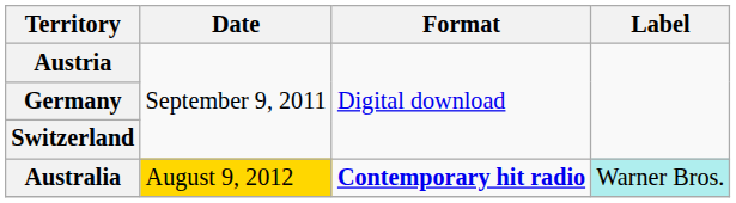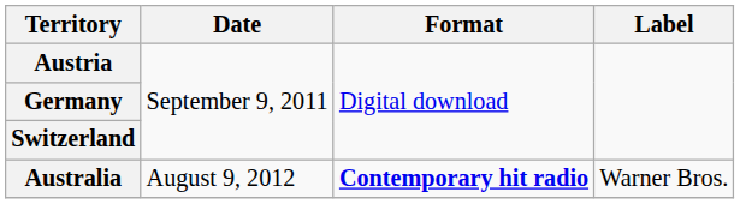 <table class="wikitable plainrowheaders">
 <tr>
 <th scope="col">Territory</th>
 <th scope="col">Date</th>
 <th scope="col">Format</th>
 <th scope="col">Label</th>
 </tr>
 <tr>
 <th scope="row">Austria</th>
 <td rowspan="3">September 9, 2011</td>
 <td rowspan="3"><a href='#'>Digital download</a></td>
 <td rowspan="3"></td>
 </tr>
 <tr>
 <th scope="row">Germany</th>
 </tr>
 <tr>
 <th scope="row">Switzerland</th>
 </tr>
 <tr>
 <th scope="row">Australia</th>
-<td style="background: gold;">August 9, 2012</td>
+<td>August 9, 2012</td>
 <td><strong><a href='#'>Contemporary hit radio</a></strong></td>
-<td style="background: paleturquoise;">Warner Bros.</td>
+<td>Warner Bros.</td>
 </tr>
 <tr>
 </tr>
 </table>
